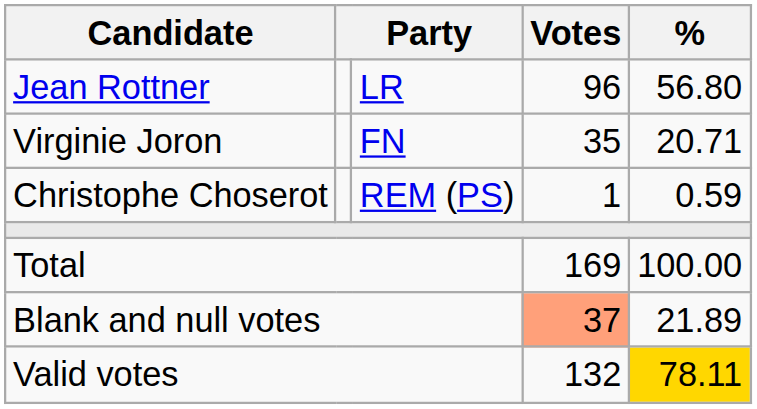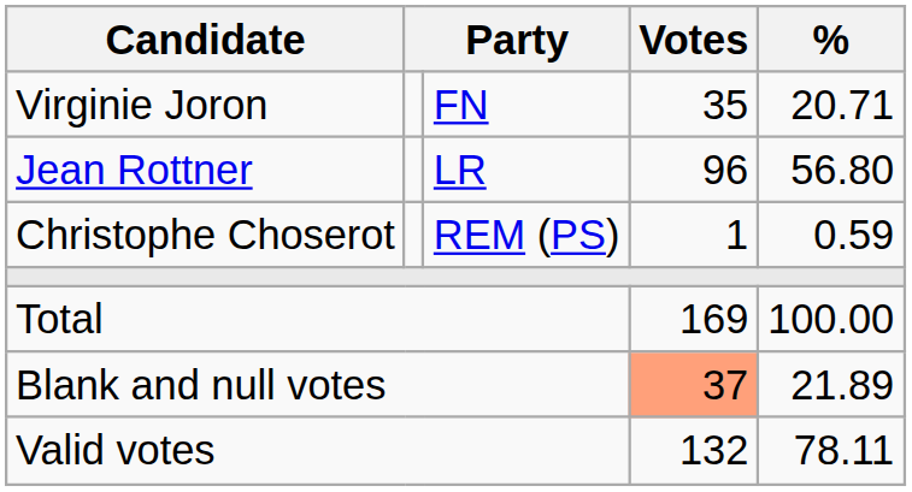 <table class="wikitable" style="font-size:95%;text-align:right;">
 <tr>
 <th>Candidate</th>
 <th colspan="2">Party</th>
 <th>Votes</th>
 <th>%</th>
 </tr>
 <tr>
+<td style="text-align:left;">Virginie Joron</td>
+<td style="background:"></td>
+<td style="text-align:left;"><a href='#'>FN</a></td>
+<td>35</td>
+<td>20.71</td>
+</tr>
+<tr>
 <td style="text-align:left;"><a href='#'>Jean Rottner</a></td>
 <td style="background:"></td>
 <td style="text-align:left;"><a href='#'>LR</a></td>
 <td>96</td>
 <td>56.80</td>
-</tr>
-<tr>
-<td style="text-align:left;">Virginie Joron</td>
-<td style="background:"></td>
-<td style="text-align:left;"><a href='#'>FN</a></td>
-<td>35</td>
-<td>20.71</td>
 </tr>
 <tr>
 <td style="text-align:left;">Christophe Choserot</td>
 <td style="background:"></td>
 <td style="text-align:left;"><a href='#'>REM</a> (<a href='#'>PS</a>)</td>
 <td>1</td>
 <td>0.59</td>
 </tr>
 <tr>
 <td style="background-color:#E9E9E9;" colspan="5"></td>
 </tr>
 <tr>
 <td style="text-align:left;" colspan="3">Total</td>
 <td>169</td>
 <td>100.00</td>
 </tr>
 <tr>
 <td style="text-align:left;" colspan="3">Blank and null votes</td>
 <td style="background: lightsalmon;">37</td>
 <td>21.89</td>
 </tr>
 <tr>
 <td style="text-align:left;" colspan="3">Valid votes</td>
 <td>132</td>
-<td style="background: gold;">78.11</td>
+<td>78.11</td>
 </tr>
 </table>
